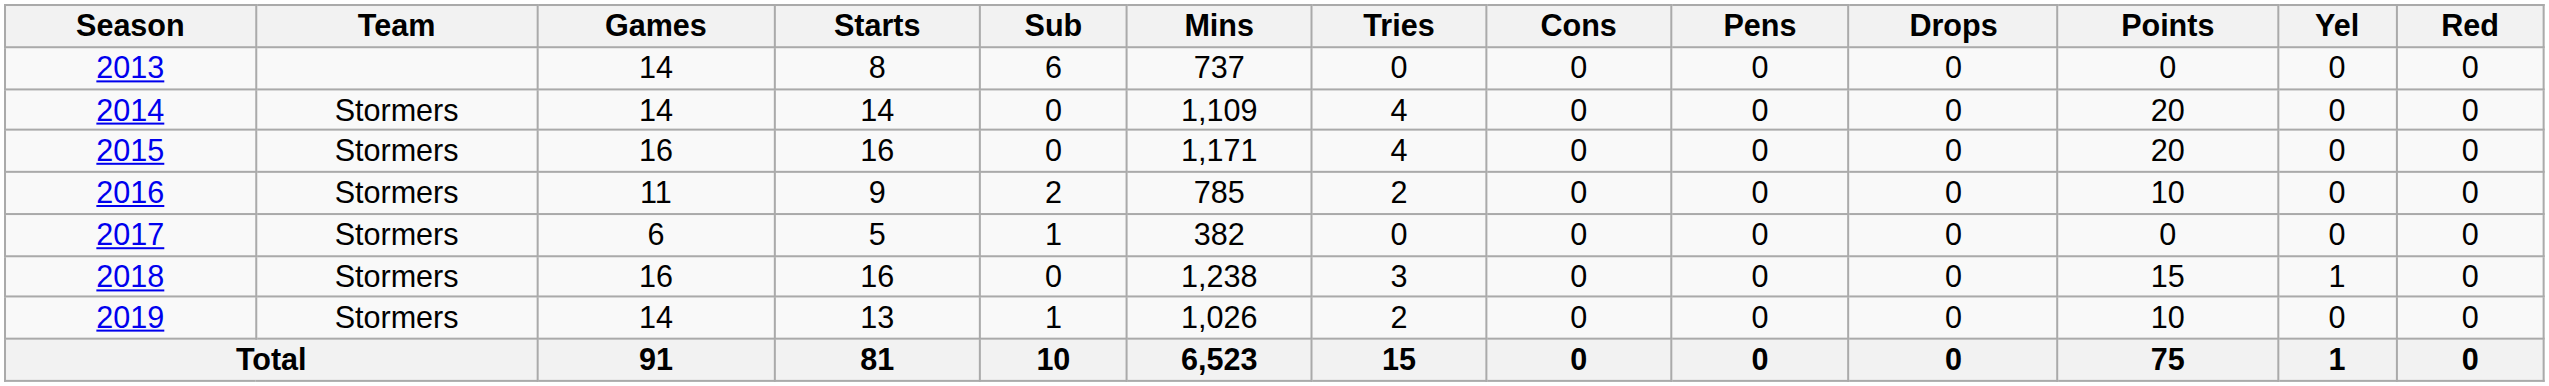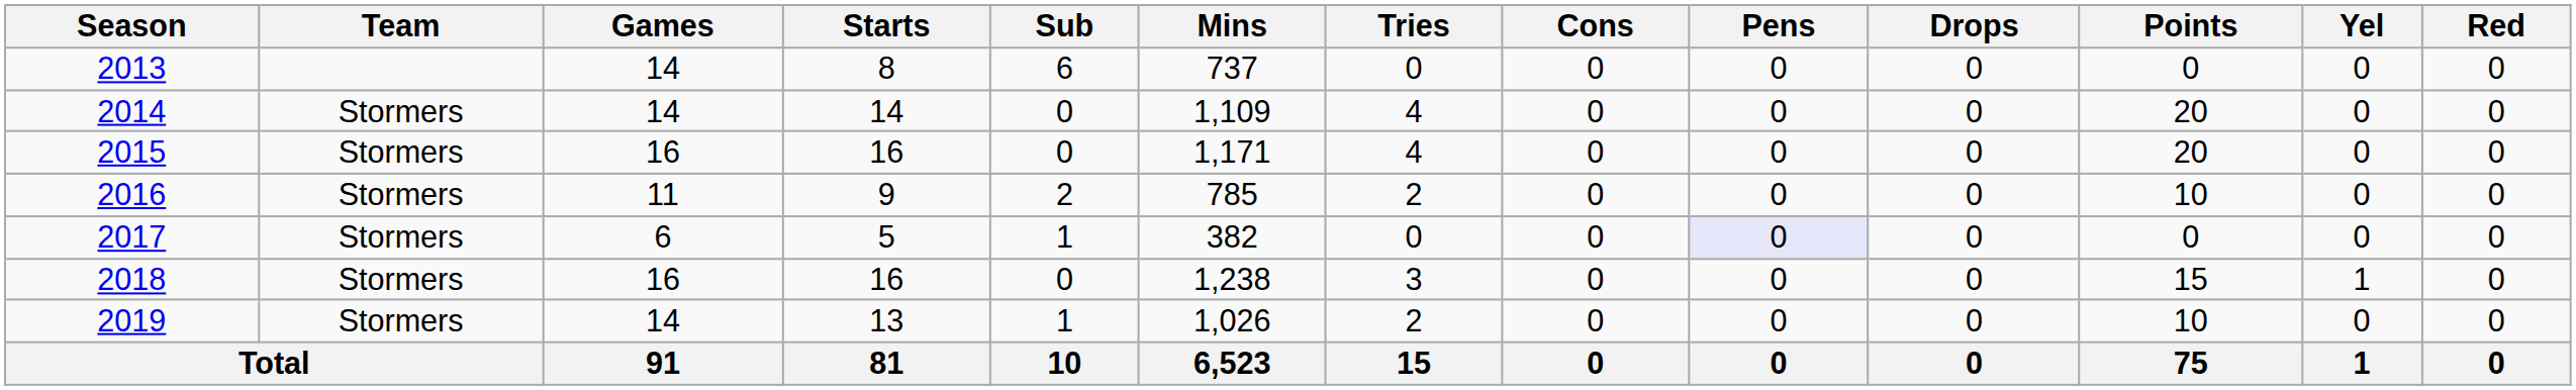 <table class="wikitable" style="text-align:center; line-height:90%; font-size:95%; width:100%;">
 <tr>
 <th>Season</th>
 <th>Team</th>
 <th>Games</th>
 <th>Starts</th>
 <th>Sub</th>
 <th>Mins</th>
 <th>Tries</th>
 <th>Cons</th>
 <th>Pens</th>
 <th>Drops</th>
 <th>Points</th>
 <th>Yel</th>
 <th>Red</th>
 </tr>
 <tr>
 <td><a href='#'>2013</a></td>
 <td></td>
 <td>14</td>
 <td>8</td>
 <td>6</td>
 <td>737</td>
 <td>0</td>
 <td>0</td>
 <td>0</td>
 <td>0</td>
 <td>0</td>
 <td>0</td>
 <td>0</td>
 </tr>
 <tr>
 <td><a href='#'>2014</a></td>
 <td>Stormers</td>
 <td>14</td>
 <td>14</td>
 <td>0</td>
 <td>1,109</td>
 <td>4</td>
 <td>0</td>
 <td>0</td>
 <td>0</td>
 <td>20</td>
 <td>0</td>
 <td>0</td>
 </tr>
 <tr>
 <td><a href='#'>2015</a></td>
 <td>Stormers</td>
 <td>16</td>
 <td>16</td>
 <td>0</td>
 <td>1,171</td>
 <td>4</td>
 <td>0</td>
 <td>0</td>
 <td>0</td>
 <td>20</td>
 <td>0</td>
 <td>0</td>
 </tr>
 <tr>
 <td><a href='#'>2016</a></td>
 <td>Stormers</td>
 <td>11</td>
 <td>9</td>
 <td>2</td>
 <td>785</td>
 <td>2</td>
 <td>0</td>
 <td>0</td>
 <td>0</td>
 <td>10</td>
 <td>0</td>
 <td>0</td>
 </tr>
 <tr>
 <td><a href='#'>2017</a></td>
 <td>Stormers</td>
 <td>6</td>
 <td>5</td>
 <td>1</td>
 <td>382</td>
 <td>0</td>
 <td>0</td>
-<td>0</td>
+<td style="background: lavender;">0</td>
 <td>0</td>
 <td>0</td>
 <td>0</td>
 <td>0</td>
 </tr>
 <tr>
 <td><a href='#'>2018</a></td>
 <td>Stormers</td>
 <td>16</td>
 <td>16</td>
 <td>0</td>
 <td>1,238</td>
 <td>3</td>
 <td>0</td>
 <td>0</td>
 <td>0</td>
 <td>15</td>
 <td>1</td>
 <td>0</td>
 </tr>
 <tr>
 <td><a href='#'>2019</a></td>
 <td>Stormers</td>
 <td>14</td>
 <td>13</td>
 <td>1</td>
 <td>1,026</td>
 <td>2</td>
 <td>0</td>
 <td>0</td>
 <td>0</td>
 <td>10</td>
 <td>0</td>
 <td>0</td>
 </tr>
 <tr>
 <th colspan="2">Total</th>
 <th>91</th>
 <th>81</th>
 <th>10</th>
 <th>6,523</th>
 <th>15</th>
 <th>0</th>
 <th>0</th>
 <th>0</th>
 <th>75</th>
 <th>1</th>
 <th>0</th>
 </tr>
 </table>
